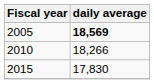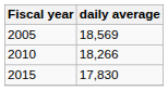 <table class="wikitable">
 <tr>
 <th>Fiscal year</th>
 <th>daily average</th>
 </tr>
 <tr>
 <td>2005</td>
-<td><strong>18,569</strong></td>
+<td>18,569</td>
 </tr>
 <tr>
 <td>2010</td>
 <td>18,266</td>
 </tr>
 <tr>
 <td>2015</td>
 <td>17,830</td>
 </tr>
 <tr>
 </tr>
 </table>
